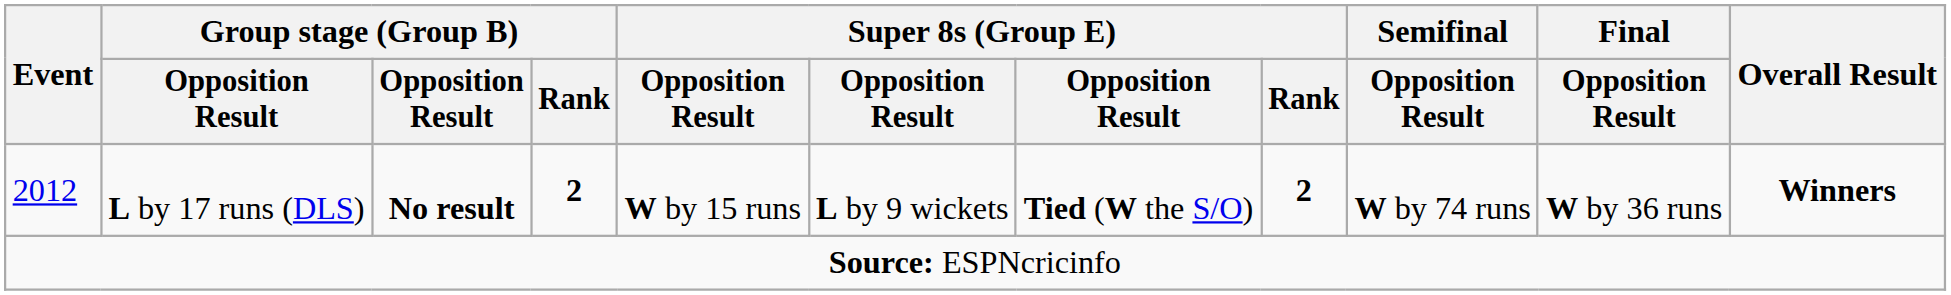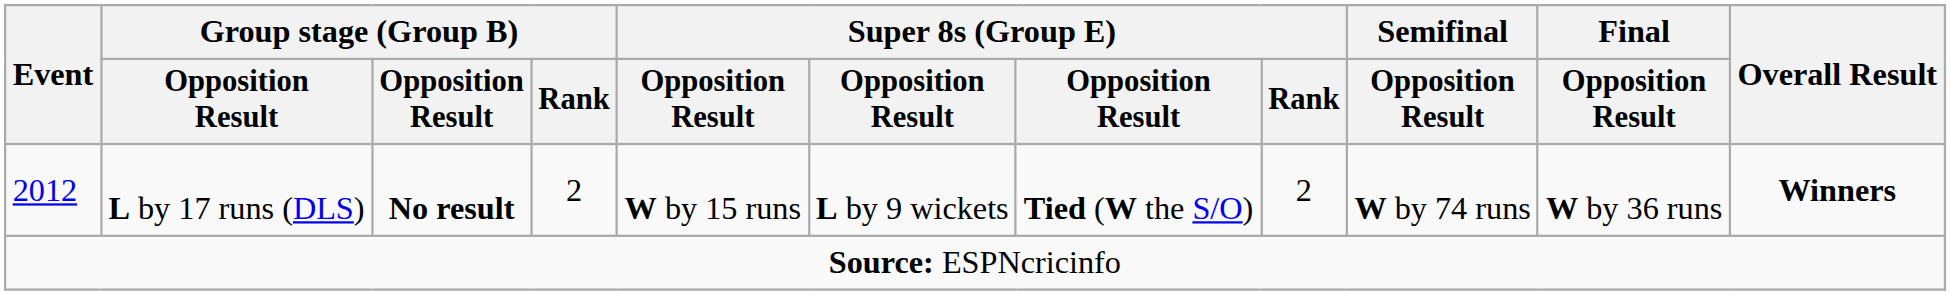 <table class=wikitable style=font-size:90%;text-align:center>
 <tr>
 <th rowspan=2>Event</th>
 <th colspan=3>Group stage (Group B)</th>
 <th colspan=4>Super 8s (Group E)</th>
 <th>Semifinal</th>
 <th>Final</th>
 <th rowspan=2>Overall Result</th>
 </tr>
 <tr style=font-size:95%>
 <th>Opposition<br>Result</th>
 <th>Opposition<br>Result</th>
 <th>Rank</th>
 <th>Opposition<br>Result</th>
 <th>Opposition<br>Result</th>
 <th>Opposition<br>Result</th>
 <th>Rank</th>
 <th>Opposition<br>Result</th>
 <th>Opposition<br>Result</th>
 </tr>
 <tr>
 <td align=left><a href='#'>2012</a></td>
 <td><br><strong>L</strong> by 17 runs (<a href='#'>DLS</a>)</td>
 <td><br><strong>No result</strong></td>
-<td><strong>2</strong></td>
+<td>2</td>
 <td><br><strong>W</strong> by 15 runs</td>
 <td><br><strong>L</strong> by 9 wickets</td>
 <td><br><strong>Tied</strong> (<strong>W</strong> the <a href='#'>S/O</a>)</td>
-<td><strong>2</strong></td>
+<td>2</td>
 <td><br><strong>W</strong> by 74 runs</td>
 <td><br><strong>W</strong> by 36 runs</td>
 <td><strong>Winners</strong></td>
 </tr>
 <tr>
 <td colspan="11"><strong>Source:</strong> ESPNcricinfo</td>
 </tr>
 </table>
